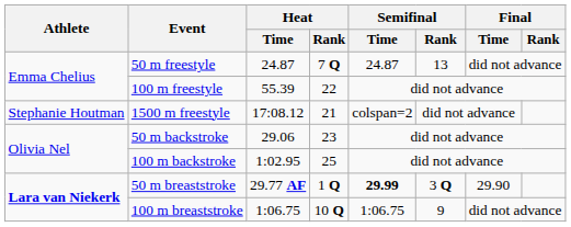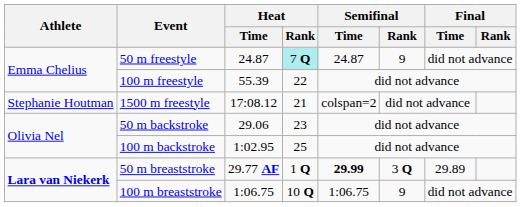 <table class=wikitable style="font-size:90%">
 <tr>
 <th rowspan="2">Athlete</th>
 <th rowspan="2">Event</th>
 <th colspan="2">Heat</th>
 <th colspan="2">Semifinal</th>
 <th colspan="2">Final</th>
 </tr>
 <tr style="font-size:95%">
 <th>Time</th>
 <th>Rank</th>
 <th>Time</th>
 <th>Rank</th>
 <th>Time</th>
 <th>Rank</th>
 </tr>
 <tr align=center>
 <td align=left rowspan=2><a href='#'>Emma Chelius</a></td>
 <td align=left><a href='#'>50 m freestyle</a></td>
 <td>24.87</td>
-<td>7 <strong>Q</strong></td>
+<td style="background: paleturquoise;">7 <strong>Q</strong></td>
 <td>24.87</td>
-<td>13</td>
+<td>9</td>
 <td colspan=2>did not advance</td>
 </tr>
 <tr align=center>
 <td align=left><a href='#'>100 m freestyle</a></td>
 <td>55.39</td>
 <td>22</td>
 <td colspan=4>did not advance</td>
 </tr>
 <tr align=center>
 <td align=left><a href='#'>Stephanie Houtman</a></td>
 <td align=left><a href='#'>1500 m freestyle</a></td>
 <td>17:08.12</td>
 <td>21</td>
 <td>colspan=2</td>
 <td colspan=2>did not advance</td>
 </tr>
 <tr align=center>
 <td align=left rowspan=2><a href='#'>Olivia Nel</a></td>
 <td align=left><a href='#'>50 m backstroke</a></td>
 <td>29.06</td>
 <td>23</td>
 <td colspan=4>did not advance</td>
 </tr>
 <tr align=center>
 <td align=left><a href='#'>100 m backstroke</a></td>
 <td>1:02.95</td>
 <td>25</td>
 <td colspan=4>did not advance</td>
 </tr>
 <tr align=center>
 <td align=left rowspan=2><strong><a href='#'>Lara van Niekerk</a></strong></td>
 <td align=left><a href='#'>50 m breaststroke</a></td>
 <td>29.77 <strong><a href='#'>AF</a></strong></td>
 <td>1 <strong>Q</strong></td>
 <td><strong>29.99</strong></td>
 <td>3 <strong>Q</strong></td>
-<td>29.90</td>
+<td>29.89</td>
 <td></td>
 </tr>
 <tr align=center>
 <td align=left><a href='#'>100 m breaststroke</a></td>
 <td>1:06.75</td>
 <td>10 <strong>Q</strong></td>
 <td>1:06.75</td>
 <td>9</td>
 <td colspan=4>did not advance</td>
 </tr>
 </table>
